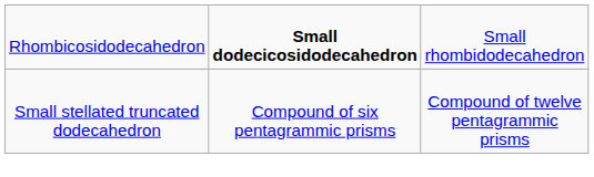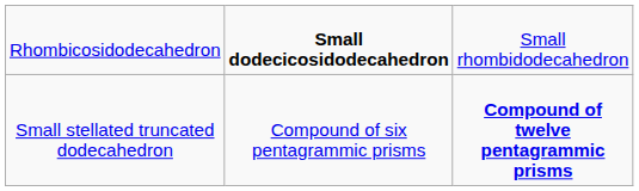 <table class="wikitable" width="400" style="vertical-align:top;text-align:center">
 <tr>
 <td><br><a href='#'>Rhombicosidodecahedron</a></td>
 <td><br><strong>Small dodecicosidodecahedron</strong></td>
 <td><br><a href='#'>Small rhombidodecahedron</a></td>
 </tr>
 <tr>
 <td><br><a href='#'>Small stellated truncated dodecahedron</a></td>
 <td><br><a href='#'>Compound of six pentagrammic prisms</a></td>
-<td><br><a href='#'>Compound of twelve pentagrammic prisms</a></td>
+<td><strong><br><a href='#'>Compound of twelve pentagrammic prisms</a></strong></td>
 </tr>
 </table>
